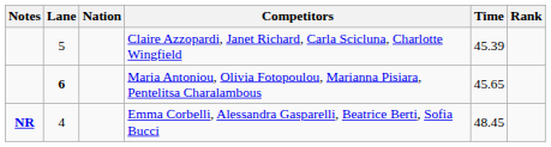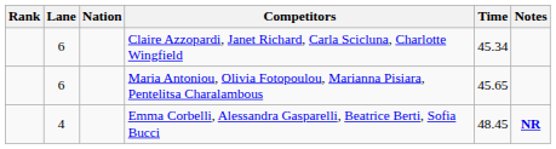 <table class="wikitable sortable" style="text-align:center; font-size:95%">
 <tr>
-<th>Notes</th>
+<th>Rank</th>
 <th>Lane</th>
 <th>Nation</th>
 <th>Competitors</th>
 <th>Time</th>
-<th>Rank</th>
+<th>Notes</th>
 </tr>
 <tr>
 <td></td>
-<td>5</td>
+<td>6</td>
 <td align=left></td>
 <td align=left><a href='#'>Claire Azzopardi</a>, <a href='#'>Janet Richard</a>, <a href='#'>Carla Scicluna</a>, <a href='#'>Charlotte Wingfield</a></td>
-<td>45.39</td>
+<td>45.34</td>
 <td></td>
 </tr>
 <tr>
 <td></td>
-<td><strong>6</strong></td>
+<td>6</td>
 <td align=left></td>
 <td align=left><a href='#'>Maria Antoniou</a>, <a href='#'>Olivia Fotopoulou</a>, <a href='#'>Marianna Pisiara</a>, <a href='#'>Pentelitsa Charalambous</a></td>
 <td>45.65</td>
 <td></td>
 </tr>
 <tr>
-<td><strong><a href='#'>NR</a></strong></td>
+<td></td>
 <td>4</td>
 <td align=left></td>
 <td align=left><a href='#'>Emma Corbelli</a>, <a href='#'>Alessandra Gasparelli</a>, <a href='#'>Beatrice Berti</a>, <a href='#'>Sofia Bucci</a></td>
 <td>48.45</td>
-<td></td>
+<td><strong><a href='#'>NR</a></strong></td>
 </tr>
 </table>
